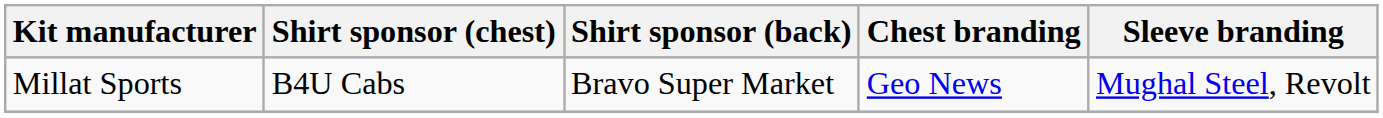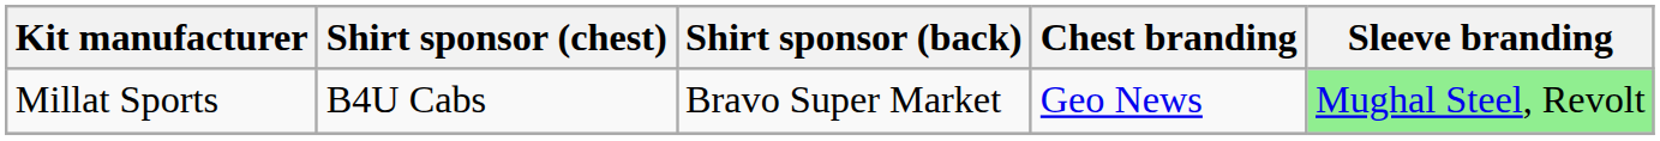 <table class="wikitable"  style="font-size:85%;">
 <tr>
 <th>Kit manufacturer</th>
 <th>Shirt sponsor (chest)</th>
 <th>Shirt sponsor (back)</th>
 <th>Chest branding</th>
 <th>Sleeve branding</th>
 </tr>
 <tr>
 <td>Millat Sports</td>
 <td>B4U Cabs</td>
 <td>Bravo Super Market</td>
 <td><a href='#'>Geo News</a></td>
-<td><a href='#'>Mughal Steel</a>, Revolt</td>
+<td style="background: lightgreen;"><a href='#'>Mughal Steel</a>, Revolt</td>
 </tr>
 <tr>
 </tr>
 </table>
